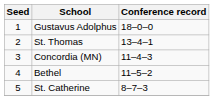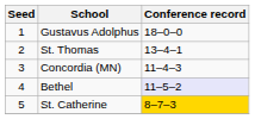 <table class="wikitable">
 <tr>
 <th>Seed</th>
 <th>School</th>
 <th>Conference record</th>
 </tr>
 <tr>
 <td align=center>1</td>
 <td>Gustavus Adolphus</td>
 <td>18–0–0</td>
 </tr>
 <tr>
 <td align=center>2</td>
 <td>St. Thomas</td>
 <td>13–4–1</td>
 </tr>
 <tr>
 <td align=center>3</td>
 <td>Concordia (MN)</td>
 <td>11–4–3</td>
 </tr>
 <tr>
 <td align=center>4</td>
 <td>Bethel</td>
-<td>11–5–2</td>
+<td style="background: lavender;">11–5–2</td>
 </tr>
 <tr>
 <td align=center>5</td>
 <td>St. Catherine</td>
-<td>8–7–3</td>
+<td style="background: gold;">8–7–3</td>
 </tr>
 <tr>
 </tr>
 </table>
